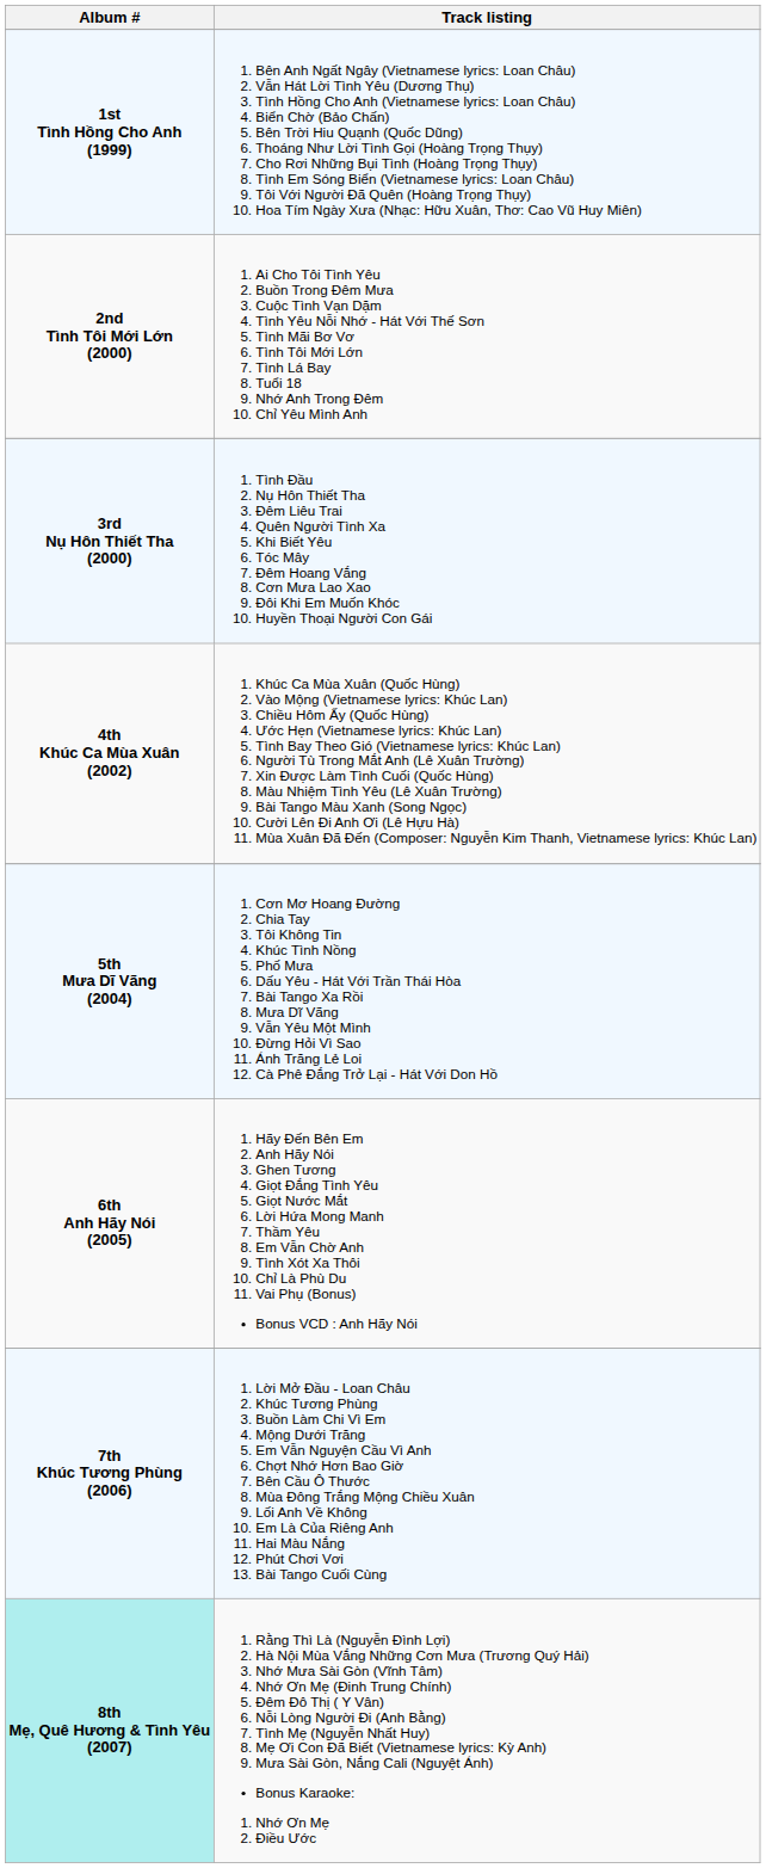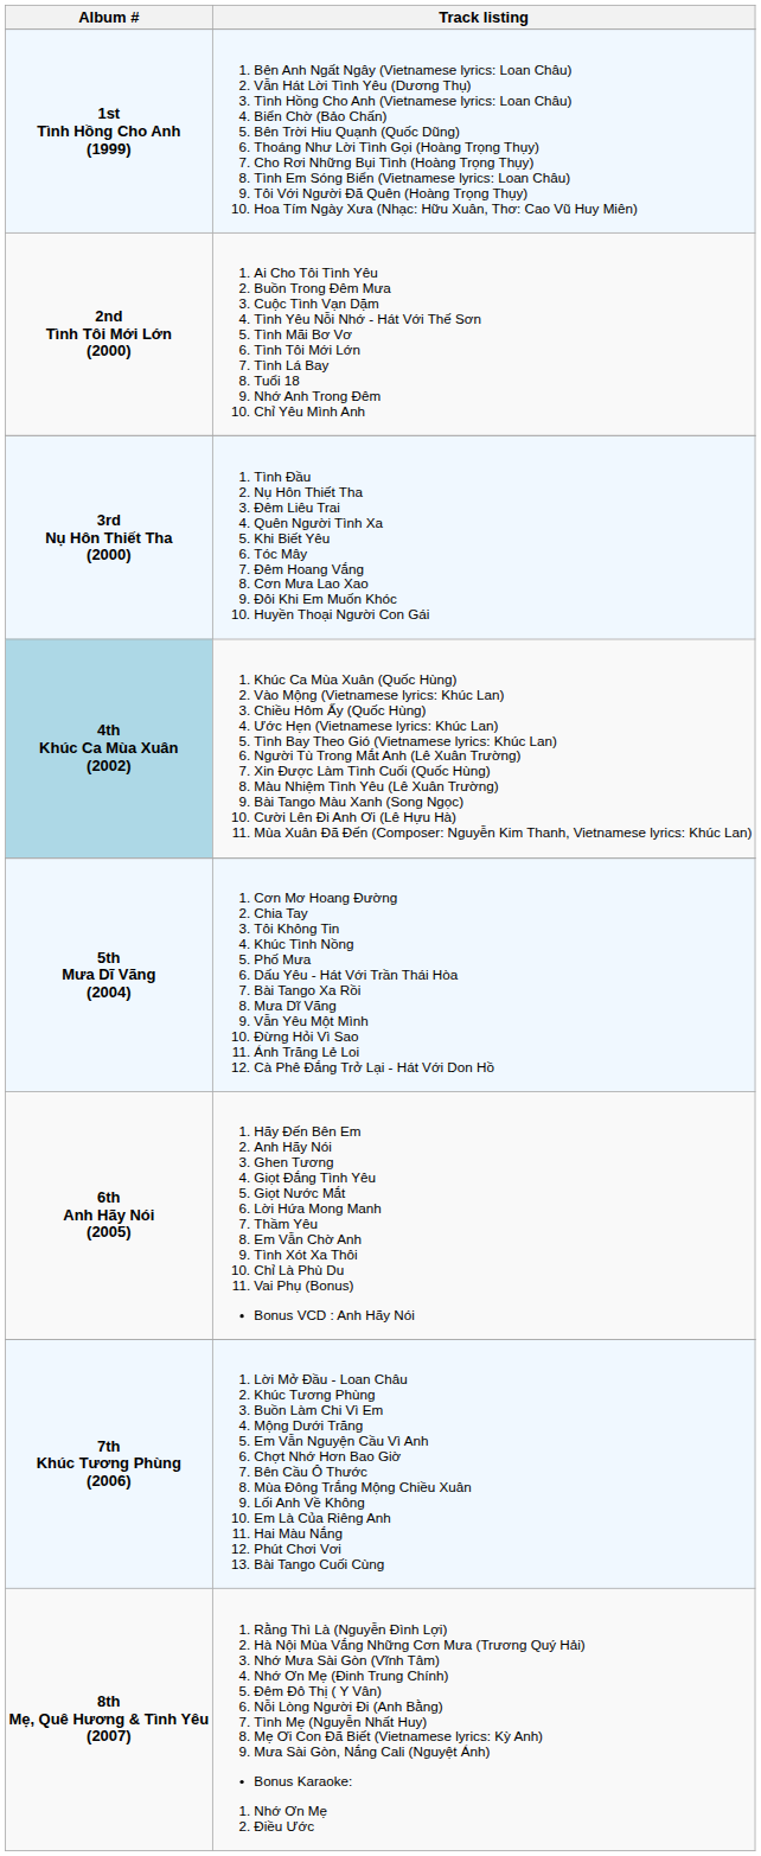 <table class="wikitable">
 <tr>
 <th align="left">Album #</th>
 <th align="left">Track listing</th>
 </tr>
 <tr>
 </tr>
 <tr bgcolor="#F0F8FF">
 <td align="center"><strong>1st<br>Tình Hồng Cho Anh<br>(1999)</strong></td>
 <td align="left" style="font-size: 90%;"><br><ol><li>Bên Anh Ngất Ngây (Vietnamese lyrics: Loan Châu)</li><li>Vẫn Hát Lời Tình Yêu (Dương Thụ)</li><li>Tình Hồng Cho Anh (Vietnamese lyrics: Loan Châu)</li><li>Biển Chờ (Bảo Chấn)</li><li>Bên Trời Hiu Quạnh (Quốc Dũng)</li><li>Thoáng Như Lời Tình Gọi (Hoàng Trọng Thụy)</li><li>Cho Rơi Những Bụi Tình (Hoàng Trọng Thụy)</li><li>Tình Em Sóng Biển (Vietnamese lyrics: Loan Châu)</li><li>Tôi Với Người Đã Quên (Hoàng Trọng Thụy)</li><li>Hoa Tím Ngày Xưa (Nhạc: Hữu Xuân, Thơ: Cao Vũ Huy Miên)</li></ol></td>
 </tr>
 <tr>
 <td align="center"><strong>2nd<br>Tình Tôi Mới Lớn<br>(2000)</strong></td>
 <td align="left" style="font-size: 90%;"><br><ol><li>Ai Cho Tôi Tình Yêu</li><li>Buồn Trong Ðêm Mưa</li><li>Cuộc Tình Vạn Dặm</li><li>Tình Yêu Nỗi Nhớ - Hát Với Thế Sơn</li><li>Tình Mãi Bơ Vơ</li><li>Tình Tôi Mới Lớn</li><li>Tình Lá Bay</li><li>Tuổi 18</li><li>Nhớ Anh Trong Ðêm</li><li>Chỉ Yêu Mình Anh</li></ol></td>
 </tr>
 <tr>
 </tr>
 <tr bgcolor="#F0F8FF">
 <td align="center"><strong>3rd<br>Nụ Hôn Thiết Tha<br>(2000)</strong></td>
 <td align="left" style="font-size: 90%;"><br><ol><li>Tình Ðầu</li><li>Nụ Hôn Thiết Tha</li><li>Ðêm Liêu Trai</li><li>Quên Người Tình Xa</li><li>Khi Biết Yêu</li><li>Tóc Mây</li><li>Ðêm Hoang Vắng</li><li>Cơn Mưa Lao Xao</li><li>Ðôi Khi Em Muốn Khóc</li><li>Huyền Thoại Người Con Gái</li></ol></td>
 </tr>
 <tr>
-<td align="center"><strong>4th<br>Khúc Ca Mùa Xuân<br>(2002)</strong></td>
+<td align="center" style="background: lightblue;"><strong>4th<br>Khúc Ca Mùa Xuân<br>(2002)</strong></td>
 <td align="left" style="font-size: 90%;"><br><ol><li>Khúc Ca Mùa Xuân (Quốc Hùng)</li><li>Vào Mộng (Vietnamese lyrics: Khúc Lan)</li><li>Chiều Hôm Ấy (Quốc Hùng)</li><li>Ước Hẹn (Vietnamese lyrics: Khúc Lan)</li><li>Tình Bay Theo Gió (Vietnamese lyrics: Khúc Lan)</li><li>Người Tù Trong Mắt Anh (Lê Xuân Trường)</li><li>Xin Được Làm Tình Cuối (Quốc Hùng)</li><li>Màu Nhiệm Tình Yêu (Lê Xuân Trường)</li><li>Bài Tango Màu Xanh (Song Ngọc)</li><li>Cười Lên Đi Anh Ơi (Lê Hựu Hà)</li><li>Mùa Xuân Đã Đến (Composer: Nguyễn Kim Thanh, Vietnamese lyrics: Khúc Lan)</li></ol></td>
 </tr>
 <tr>
 </tr>
 <tr bgcolor="#F0F8FF">
 <td align="center"><strong>5th<br>Mưa Dĩ Vãng<br>(2004)</strong></td>
 <td align="left" style="font-size: 90%;"><br><ol><li>Cơn Mơ Hoang Đường</li><li>Chia Tay</li><li>Tôi Không Tin</li><li>Khúc Tình Nồng</li><li>Phố Mưa</li><li>Dấu Yêu - Hát Với Trần Thái Hòa</li><li>Bài Tango Xa Rồi</li><li>Mưa Dĩ Vãng</li><li>Vẫn Yêu Một Mình</li><li>Đừng Hỏi Vì Sao</li><li>Ánh Trăng Lẻ Loi</li><li>Cà Phê Đắng Trở Lại - Hát Với Don Hồ</li></ol></td>
 </tr>
 <tr>
 <td align="center"><strong>6th<br>Anh Hãy Nói<br>(2005)</strong></td>
 <td align="left" style="font-size: 90%;"><br><ol><li>Hãy Đến Bên Em</li><li>Anh Hãy Nói</li><li>Ghen Tương</li><li>Giọt Đắng Tình Yêu</li><li>Giọt Nước Mắt</li><li>Lời Hứa Mong Manh</li><li>Thầm Yêu</li><li>Em Vẫn Chờ Anh</li><li>Tình Xót Xa Thôi</li><li>Chỉ Là Phù Du</li><li>Vai Phụ (Bonus)</li></ol><ul><li>Bonus VCD : Anh Hãy Nói</li></ul></td>
 </tr>
 <tr>
 </tr>
 <tr bgcolor="#F0F8FF">
 <td align="center"><strong>7th<br>Khúc Tương Phùng<br>(2006)</strong></td>
 <td align="left" style="font-size: 90%;"><br><ol><li>Lời Mở Đầu - Loan Châu</li><li>Khúc Tương Phùng</li><li>Buồn Làm Chi Vì Em</li><li>Mộng Dưới Trăng</li><li>Em Vẫn Nguyện Cầu Vì Anh</li><li>Chợt Nhớ Hơn Bao Giờ</li><li>Bên Cầu Ô Thước</li><li>Mùa Đông Trắng Mộng Chiều Xuân</li><li>Lối Anh Về Không</li><li>Em Là Của Riêng Anh</li><li>Hai Màu Nắng</li><li>Phút Chơi Vơi</li><li>Bài Tango Cuối Cùng</li></ol></td>
 </tr>
 <tr>
-<td align="center" style="background: paleturquoise;"><strong>8th<br>Mẹ, Quê Hương & Tình Yêu<br>(2007)</strong></td>
+<td align="center"><strong>8th<br>Mẹ, Quê Hương & Tình Yêu<br>(2007)</strong></td>
 <td align="left" style="font-size: 90%;"><br><ol><li>Rằng Thì Là (Nguyễn Đình Lợi)</li><li>Hà Nội Mùa Vắng Những Cơn Mưa (Trương Quý Hải)</li><li>Nhớ Mưa Sài Gòn (Vĩnh Tâm)</li><li>Nhớ Ơn Mẹ (Đinh Trung Chính)</li><li>Đêm Đô Thị ( Y Vân)</li><li>Nỗi Lòng Người Đi (Anh Bằng)</li><li>Tình Mẹ (Nguyễn Nhất Huy)</li><li>Mẹ Ơi Con Đã Biết (Vietnamese lyrics: Kỳ Anh)</li><li>Mưa Sài Gòn, Nắng Cali (Nguyệt Ánh)</li></ol><ul><li>Bonus Karaoke:</li></ul><ol><li>Nhớ Ơn Mẹ</li><li>Điều Ước</li></ol></td>
 </tr>
 </table>
